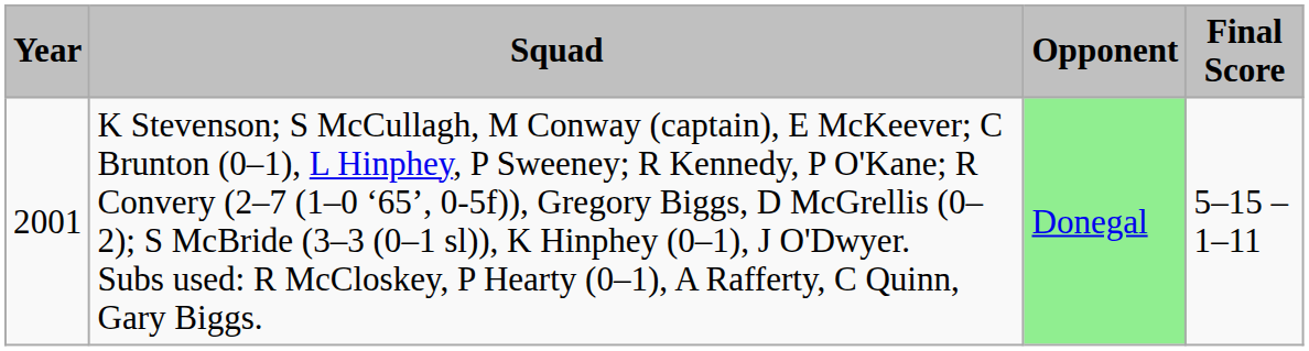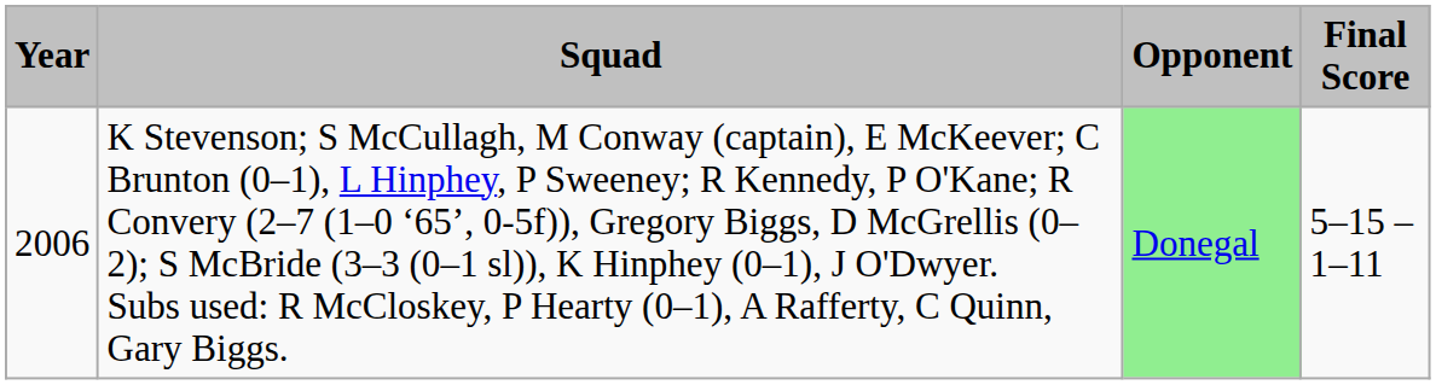 <table class="wikitable">
 <tr>
 <th style="background:silver;">Year</th>
 <th style="background:silver;">Squad</th>
 <th style="background:silver;">Opponent</th>
 <th style="background:silver;">Final Score</th>
 </tr>
 <tr>
-<td>2001</td>
+<td>2006</td>
 <td>K Stevenson; S McCullagh, M Conway (captain), E McKeever; C Brunton (0–1), <a href='#'>L Hinphey</a>, P Sweeney; R Kennedy, P O'Kane; R Convery (2–7 (1–0 ‘65’, 0-5f)), Gregory Biggs, D McGrellis (0–2); S McBride (3–3 (0–1 sl)), K Hinphey (0–1), J O'Dwyer.<br>Subs used: R McCloskey, P Hearty (0–1), A Rafferty, C Quinn, Gary Biggs.</td>
 <td style="background: lightgreen;"><a href='#'>Donegal</a></td>
 <td>5–15 – 1–11</td>
 </tr>
 </table>
